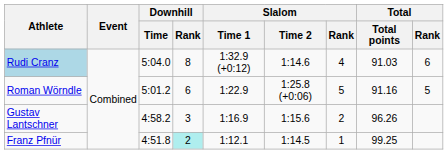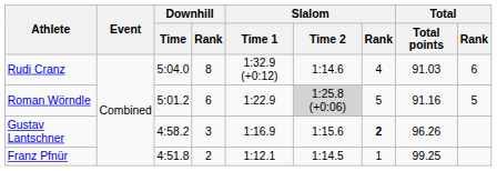 <table class="wikitable" style="font-size:90%">
 <tr>
 <th rowspan="2">Athlete</th>
 <th rowspan="2">Event</th>
 <th colspan="2">Downhill</th>
 <th colspan="3">Slalom</th>
 <th colspan="2">Total</th>
 </tr>
 <tr>
 <th>Time</th>
 <th>Rank</th>
 <th>Time 1</th>
 <th>Time 2</th>
 <th>Rank</th>
 <th>Total points</th>
 <th>Rank</th>
 </tr>
 <tr>
-<td style="background: lightblue;"><a href='#'>Rudi Cranz</a></td>
+<td><a href='#'>Rudi Cranz</a></td>
 <td rowspan="4">Combined</td>
 <td align="center">5:04.0</td>
 <td align="center">8</td>
 <td align="center">1:32.9 (+0:12)</td>
 <td align="center">1:14.6</td>
 <td align="center">4</td>
 <td align="center">91.03</td>
 <td align="center">6</td>
 </tr>
 <tr>
 <td><a href='#'>Roman Wörndle</a></td>
 <td align="center">5:01.2</td>
 <td align="center">6</td>
 <td align="center">1:22.9</td>
-<td align="center">1:25.8 (+0:06)</td>
+<td align="center" style="background: lightgrey;">1:25.8 (+0:06)</td>
 <td align="center">5</td>
 <td align="center">91.16</td>
 <td align="center">5</td>
 </tr>
 <tr>
 <td><a href='#'>Gustav Lantschner</a></td>
 <td align="center">4:58.2</td>
 <td align="center">3</td>
 <td align="center">1:16.9</td>
 <td align="center">1:15.6</td>
-<td align="center">2</td>
+<td align="center"><strong>2</strong></td>
 <td align="center">96.26</td>
 <td align="center"></td>
 </tr>
 <tr>
 <td><a href='#'>Franz Pfnür</a></td>
 <td align="center">4:51.8</td>
-<td align="center" style="background: paleturquoise;">2</td>
+<td align="center">2</td>
 <td align="center">1:12.1</td>
 <td align="center">1:14.5</td>
 <td align="center">1</td>
 <td align="center">99.25</td>
 <td align="center"></td>
 </tr>
 </table>
